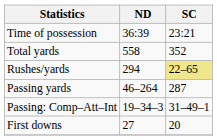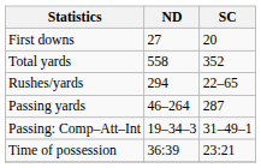 <table class="wikitable" style="float: left;">
 <tr>
 <th>Statistics</th>
 <th>ND</th>
 <th>SC</th>
 </tr>
 <tr>
-<td>Time of possession</td>
-<td>36:39</td>
-<td>23:21</td>
+<td>First downs</td>
+<td>27</td>
+<td>20</td>
 </tr>
 <tr>
 <td>Total yards</td>
 <td>558</td>
 <td>352</td>
 </tr>
 <tr>
 <td>Rushes/yards</td>
 <td>294</td>
-<td style="background: khaki;">22–65</td>
+<td>22–65</td>
 </tr>
 <tr>
 <td>Passing yards</td>
 <td>46–264</td>
 <td>287</td>
 </tr>
 <tr>
 <td>Passing: Comp–Att–Int</td>
 <td>19–34–3</td>
 <td>31–49–1</td>
 </tr>
 <tr>
-<td>First downs</td>
-<td>27</td>
-<td>20</td>
+<td>Time of possession</td>
+<td>36:39</td>
+<td>23:21</td>
 </tr>
 <tr>
 </tr>
 </table>
